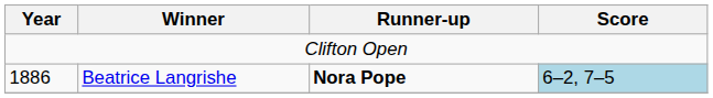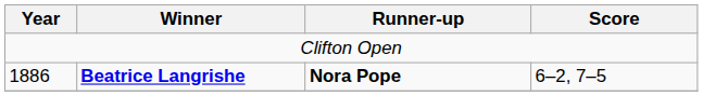 <table class="wikitable">
 <tr>
 <th style="width:60px;">Year</th>
 <th style="width:220px;">Winner</th>
 <th style="width:220px;">Runner-up</th>
 <th style="width:160px;">Score</th>
 </tr>
 <tr>
 <td colspan=4 align=center><em>Clifton Open</em></td>
 </tr>
 <tr>
 <td>1886</td>
-<td> <a href='#'>Beatrice Langrishe</a></td>
+<td><strong> <a href='#'>Beatrice Langrishe</a></strong></td>
 <td><strong> Nora Pope</strong></td>
-<td style="background: lightblue;">6–2, 7–5</td>
+<td>6–2, 7–5</td>
 </tr>
 <tr>
 </tr>
 </table>
